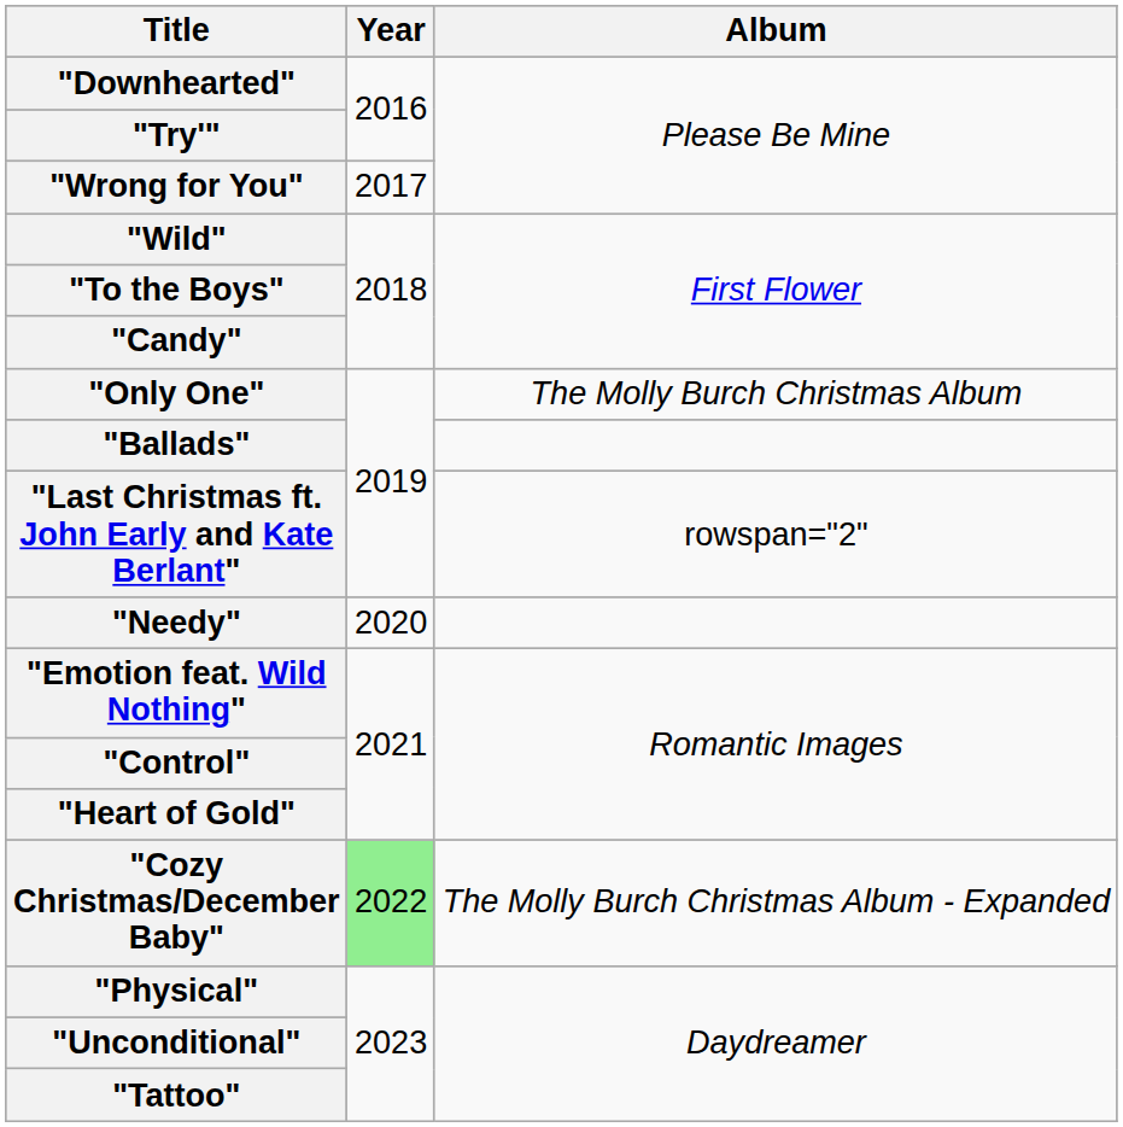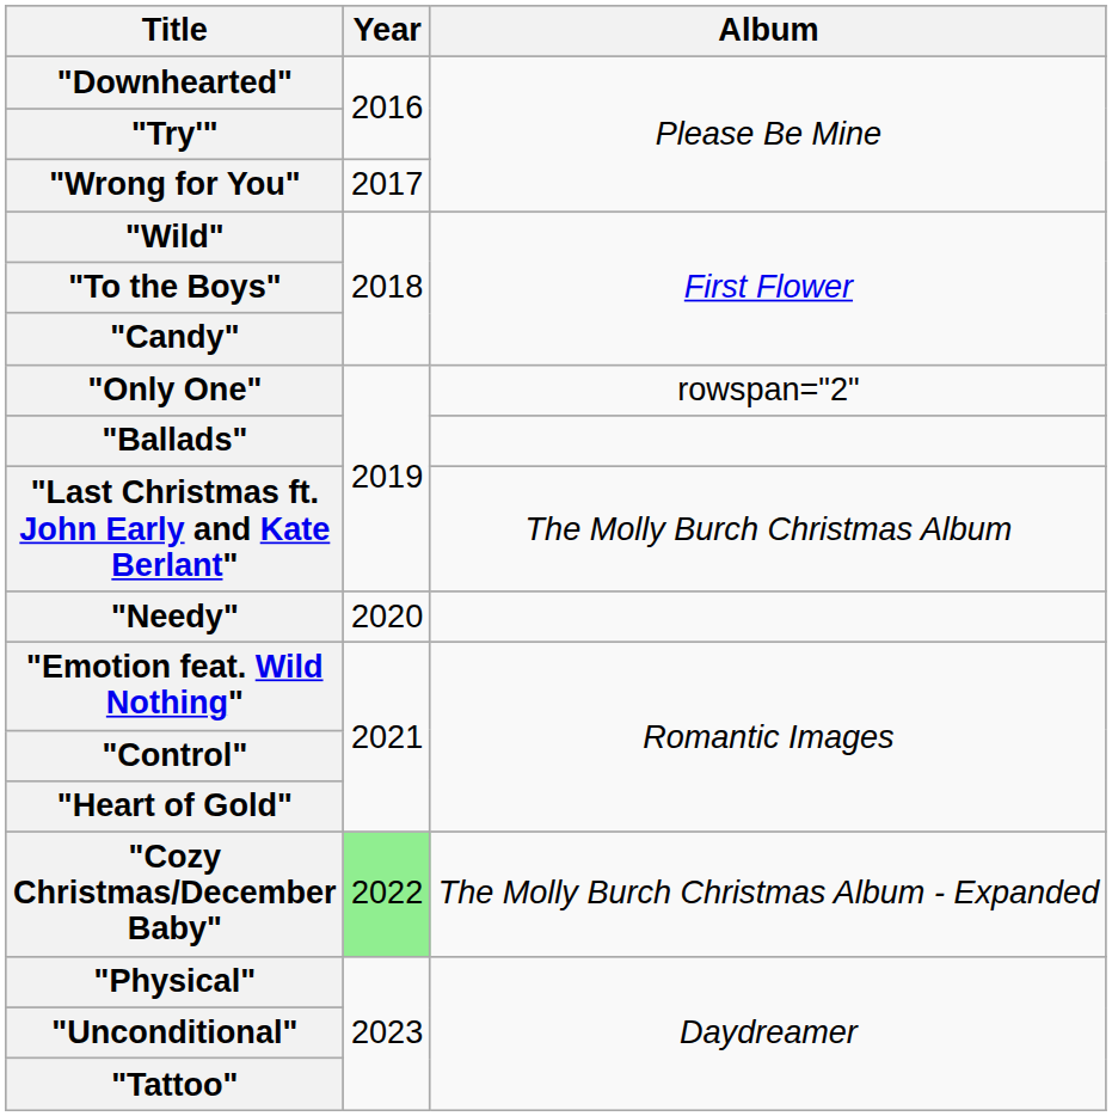 <table class="wikitable plainrowheaders" style="text-align:center">
 <tr>
 <th scope="col" style="width:9em">Title</th>
 <th scope="col">Year</th>
 <th scope="col">Album</th>
 </tr>
 <tr>
 <th scope="row">"Downhearted"</th>
 <td rowspan="2">2016</td>
 <td rowspan="3"><em>Please Be Mine</em></td>
 </tr>
 <tr>
 <th scope="row">"Try'"</th>
 </tr>
 <tr>
 <th scope="row">"Wrong for You"</th>
 <td>2017</td>
 </tr>
 <tr>
 <th scope="row">"Wild"</th>
 <td rowspan="3">2018</td>
 <td rowspan="3"><em><a href='#'>First Flower</a></em></td>
 </tr>
 <tr>
 <th scope="row">"To the Boys"</th>
 </tr>
 <tr>
 <th scope="row">"Candy"</th>
 </tr>
 <tr>
 <th scope="row">"Only One"</th>
 <td rowspan="3">2019</td>
-<td><em>The Molly Burch Christmas Album</em></td>
+<td>rowspan="2" </td>
 </tr>
 <tr>
 <th scope="row">"Ballads"</th>
 </tr>
 <tr>
 <th scope="row">"Last Christmas ft. <a href='#'>John Early</a> and <a href='#'>Kate Berlant</a>"</th>
-<td>rowspan="2" </td>
+<td><em>The Molly Burch Christmas Album</em></td>
 </tr>
 <tr>
 <th scope="row">"Needy"</th>
 <td>2020</td>
 <td></td>
 </tr>
 <tr>
 <th scope="row">"Emotion feat. <a href='#'>Wild Nothing</a>"</th>
 <td rowspan="3">2021</td>
 <td rowspan="3"><em>Romantic Images</em></td>
 </tr>
 <tr>
 <th scope="row">"Control"</th>
 </tr>
 <tr>
 <th scope="row">"Heart of Gold"</th>
 </tr>
 <tr>
 <th scope="row">"Cozy Christmas/December Baby"</th>
 <td style="background: lightgreen;">2022</td>
 <td><em>The Molly Burch Christmas Album - Expanded</em></td>
 </tr>
 <tr>
 <th scope="row">"Physical"</th>
 <td rowspan="3">2023</td>
 <td rowspan="3"><em>Daydreamer</em></td>
 </tr>
 <tr>
 <th scope="row">"Unconditional"</th>
 </tr>
 <tr>
 <th scope="row">"Tattoo"</th>
 </tr>
 </table>
